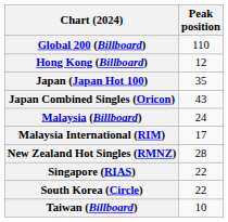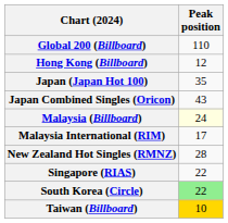 <table class="wikitable sortable plainrowheaders" style="text-align:center">
 <tr>
 <th scope="col">Chart (2024)</th>
 <th scope="col">Peak<br>position</th>
 </tr>
 <tr>
 <th scope="row"><a href='#'>Global 200</a> (<em><a href='#'>Billboard</a></em>)</th>
 <td>110</td>
 </tr>
 <tr>
 <th scope="row"><a href='#'>Hong Kong</a> (<em><a href='#'>Billboard</a></em>)</th>
 <td>12</td>
 </tr>
 <tr>
 <th scope="row">Japan (<a href='#'>Japan Hot 100</a>)</th>
 <td>35</td>
 </tr>
 <tr>
 <th scope="row">Japan Combined Singles (<a href='#'>Oricon</a>)</th>
 <td>43</td>
 </tr>
 <tr>
 <th scope="row"><a href='#'>Malaysia</a> (<em><a href='#'>Billboard</a></em>)</th>
-<td>24</td>
+<td style="background: lightyellow;">24</td>
 </tr>
 <tr>
 <th scope="row">Malaysia International (<a href='#'>RIM</a>)</th>
 <td>17</td>
 </tr>
 <tr>
 <th scope="row">New Zealand Hot Singles (<a href='#'>RMNZ</a>)</th>
 <td>28</td>
 </tr>
 <tr>
 <th scope="row">Singapore (<a href='#'>RIAS</a>)</th>
 <td>22</td>
 </tr>
 <tr>
 <th scope="row">South Korea (<a href='#'>Circle</a>)</th>
-<td>22</td>
+<td style="background: lightgreen;">22</td>
 </tr>
 <tr>
 <th scope="row">Taiwan (<em><a href='#'>Billboard</a></em>)</th>
-<td>10</td>
+<td style="background: gold;">10</td>
 </tr>
 </table>
